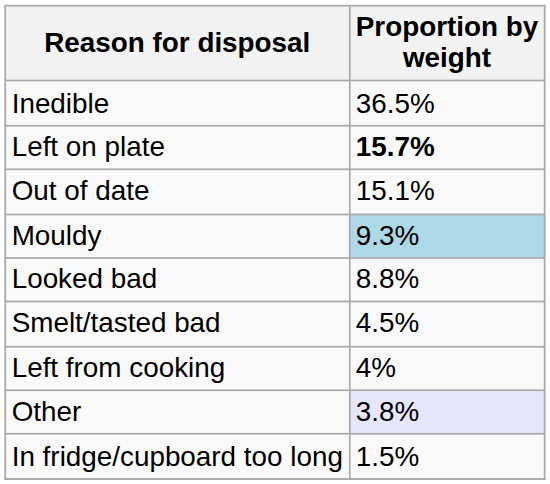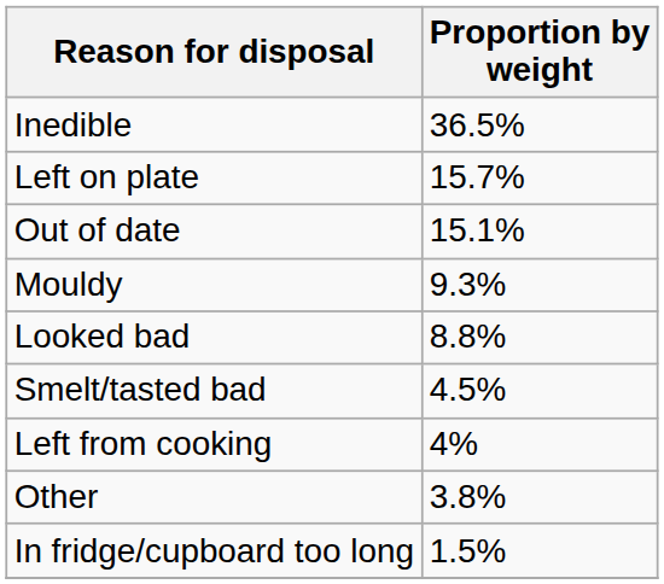 <table class="wikitable" border="1" style="float: right; margin-left: 2em;" cell-spacing="3">
 <tr>
 <th>Reason for disposal</th>
 <th>Proportion by<br>weight<br></th>
 </tr>
 <tr>
 <td>Inedible</td>
 <td>36.5%</td>
 </tr>
 <tr>
 <td>Left on plate</td>
-<td><strong>15.7%</strong></td>
+<td>15.7%</td>
 </tr>
 <tr>
 <td>Out of date</td>
 <td>15.1%</td>
 </tr>
 <tr>
 <td>Mouldy</td>
-<td style="background: lightblue;">9.3%</td>
+<td>9.3%</td>
 </tr>
 <tr>
 <td>Looked bad</td>
 <td>8.8%</td>
 </tr>
 <tr>
 <td>Smelt/tasted bad</td>
 <td>4.5%</td>
 </tr>
 <tr>
 <td>Left from cooking</td>
 <td>4%</td>
 </tr>
 <tr>
 <td>Other</td>
-<td style="background: lavender;">3.8%</td>
+<td>3.8%</td>
 </tr>
 <tr>
 <td>In fridge/cupboard too long</td>
 <td>1.5%</td>
 </tr>
 <tr>
 </tr>
 </table>
